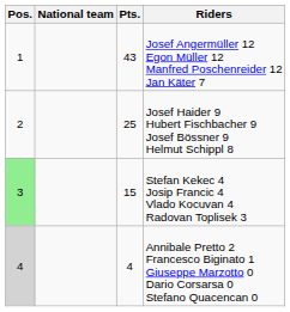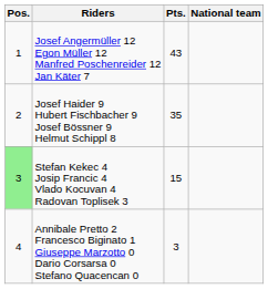 <table class=wikitable style="font-size:93%;">
 <tr>
 <th>Pos.</th>
+<th>Riders</th>
+<th>Pts.</th>
 <th>National team</th>
-<th>Pts.</th>
-<th>Riders</th>
 </tr>
 <tr align=center >
 <td>1</td>
+<td align=left><br><a href='#'>Josef Angermüller</a> 12<br> <a href='#'>Egon Müller</a> 12<br> <a href='#'>Manfred Poschenreider</a> 12<br> <a href='#'>Jan Käter</a> 7</td>
+<td>43</td>
 <td align=left></td>
-<td>43</td>
-<td align=left><br><a href='#'>Josef Angermüller</a> 12<br> <a href='#'>Egon Müller</a> 12<br> <a href='#'>Manfred Poschenreider</a> 12<br> <a href='#'>Jan Käter</a> 7</td>
 </tr>
 <tr align=center >
 <td>2</td>
+<td align=left><br>Josef Haider 9<br> Hubert Fischbacher 9<br> Josef Bössner 9<br> Helmut Schippl 8</td>
+<td>35</td>
 <td align=left></td>
-<td>25</td>
-<td align=left><br>Josef Haider 9<br> Hubert Fischbacher 9<br> Josef Bössner 9<br> Helmut Schippl 8</td>
 </tr>
 <tr align=center>
 <td style="background: lightgreen;">3</td>
+<td align=left><br>Stefan Kekec 4<br> Josip Francic 4<br> Vlado Kocuvan 4<br> Radovan Toplisek 3</td>
+<td>15</td>
 <td align=left></td>
-<td>15</td>
-<td align=left><br>Stefan Kekec 4<br> Josip Francic 4<br> Vlado Kocuvan 4<br> Radovan Toplisek 3</td>
 </tr>
 <tr align=center>
-<td style="background: lightgrey;">4</td>
-<td align=left></td>
 <td>4</td>
 <td align=left><br>Annibale Pretto 2<br> Francesco Biginato 1<br> <a href='#'>Giuseppe Marzotto</a> 0<br> Dario Corsarsa 0<br> Stefano Quacencan 0</td>
+<td>3</td>
+<td align=left></td>
 </tr>
 </table>
